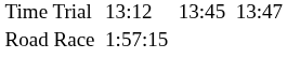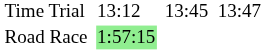 <table>
 <tr>
 <td>Time Trial</td>
 <td></td>
 <td>13:12</td>
 <td></td>
 <td>13:45</td>
 <td></td>
 <td>13:47</td>
 </tr>
 <tr>
 <td>Road Race</td>
 <td></td>
-<td>1:57:15</td>
+<td style="background: lightgreen;">1:57:15</td>
 <td></td>
 <td></td>
 <td></td>
 <td></td>
 </tr>
 </table>
